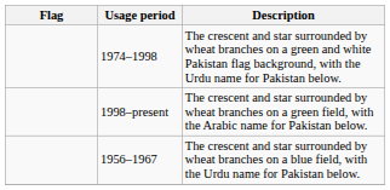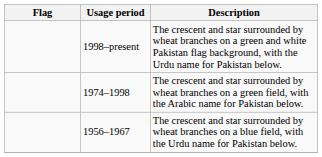 <table class="wikitable">
 <tr style="background:#efefef;">
 <th style="width:110px;">Flag</th>
 <th style="width:100px;">Usage period</th>
 <th style="width:250px;">Description</th>
 </tr>
 <tr>
 <td></td>
-<td>1974–1998</td>
+<td>1998–present</td>
 <td>The crescent and star surrounded by wheat branches on a green and white Pakistan flag background, with the Urdu name for Pakistan below.</td>
 </tr>
 <tr>
 <td></td>
-<td>1998–present</td>
+<td>1974–1998</td>
 <td>The crescent and star surrounded by wheat branches on a green field, with the Arabic name for Pakistan below.</td>
 </tr>
 <tr>
 <td></td>
 <td>1956–1967</td>
 <td>The crescent and star surrounded by wheat branches on a blue field, with the Urdu name for Pakistan below.</td>
 </tr>
 <tr>
 </tr>
 </table>
